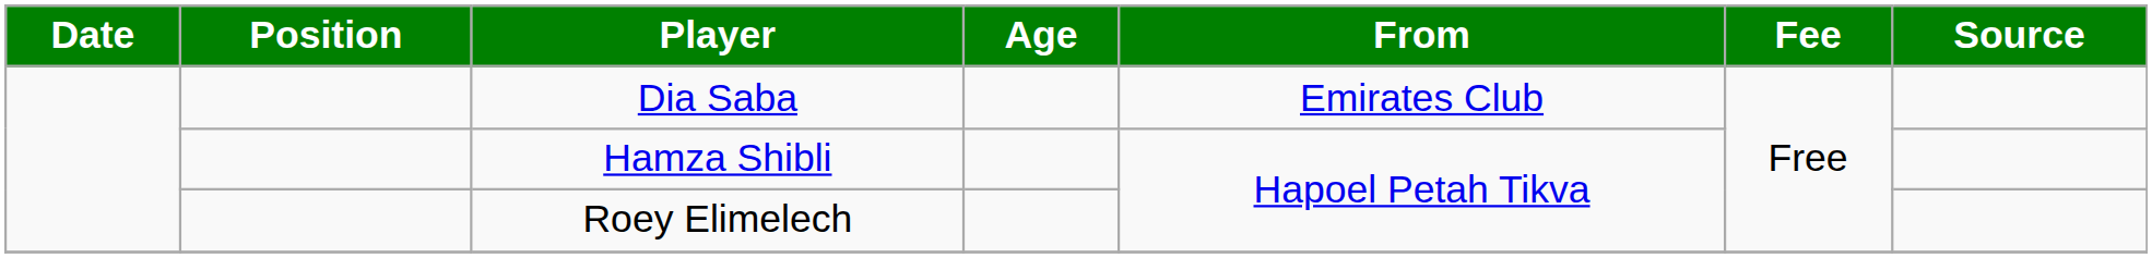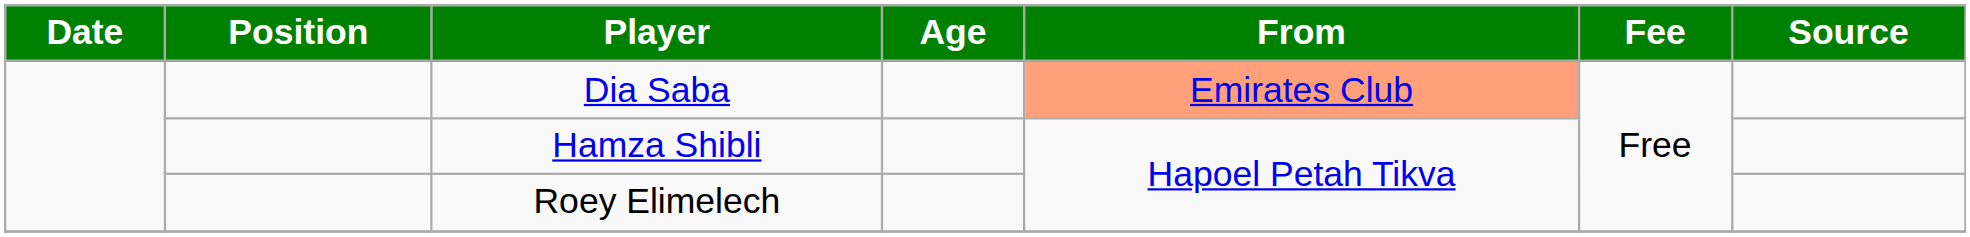 <table class="wikitable sortable" style="text-align:center; width:100%;">
 <tr>
 <th scope="col" style="background:#008000; color:white;">Date</th>
 <th scope="col" style="background:#008000; color:white;">Position</th>
 <th scope="col" style="background:#008000; color:white;">Player</th>
 <th scope="col" style="background:#008000; color:white;">Age</th>
 <th scope="col" style="background:#008000; color:white;">From</th>
 <th scope="col" style="background:#008000; color:white;" data-sort-type="currency">Fee</th>
 <th scope="col" style="background:#008000; color:white;" class="unsortable">Source</th>
 </tr>
 <tr>
 <td rowspan=3></td>
 <td></td>
 <td> <a href='#'>Dia Saba</a></td>
 <td></td>
-<td> <a href='#'>Emirates Club</a></td>
+<td style="background: lightsalmon;"> <a href='#'>Emirates Club</a></td>
 <td rowspan=3>Free</td>
 <td></td>
 </tr>
 <tr>
 <td></td>
 <td> <a href='#'>Hamza Shibli</a></td>
 <td></td>
 <td rowspan=2> <a href='#'>Hapoel Petah Tikva</a></td>
 <td></td>
 </tr>
 <tr>
 <td></td>
 <td> Roey Elimelech</td>
 <td></td>
 <td></td>
 </tr>
 <tr>
 </tr>
 </table>
